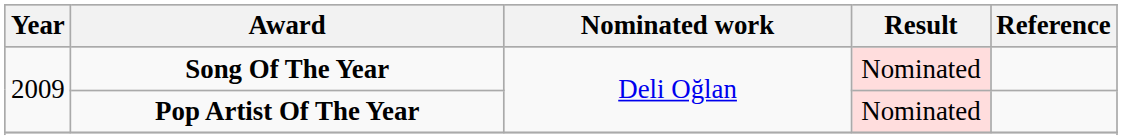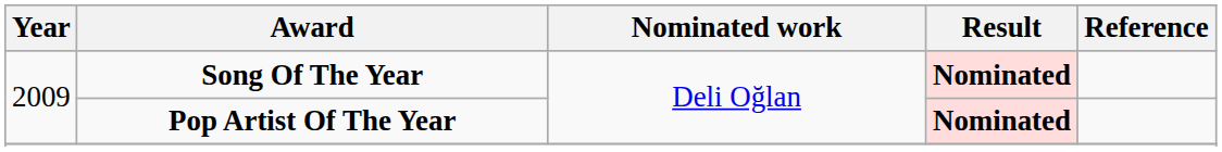 <table class="wikitable">
 <tr>
 <th>Year</th>
 <th>Award</th>
 <th>Nominated work</th>
 <th>Result</th>
 <th>Reference</th>
 </tr>
 <tr>
 <td rowspan="2">2009</td>
 <td width="250" align="center"><strong>Song Of The Year</strong></td>
 <td width="200" align="center" rowspan="2"><a href='#'>Deli Oğlan</a></td>
-<td align="center" width="75" style="background: #ffdddd">Nominated</td>
+<td align="center" width="75" style="background: #ffdddd"><strong>Nominated</strong></td>
 <td align="center"></td>
 </tr>
 <tr>
 <td width="250" align="center"><strong>Pop Artist Of The Year</strong></td>
-<td align="center" width="75" style="background: #ffdddd">Nominated</td>
+<td align="center" width="75" style="background: #ffdddd"><strong>Nominated</strong></td>
 <td align="center"></td>
 </tr>
 <tr>
 </tr>
 <tr>
 </tr>
 </table>
